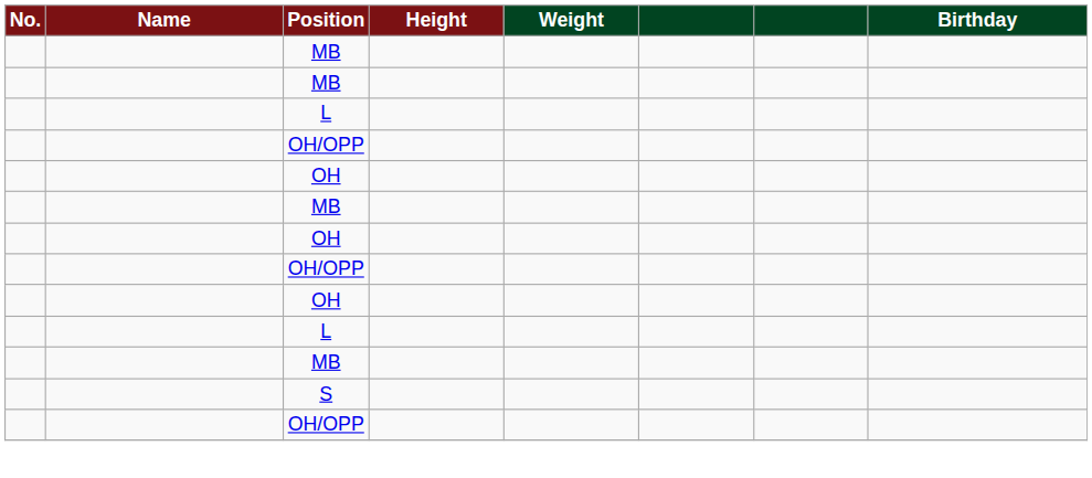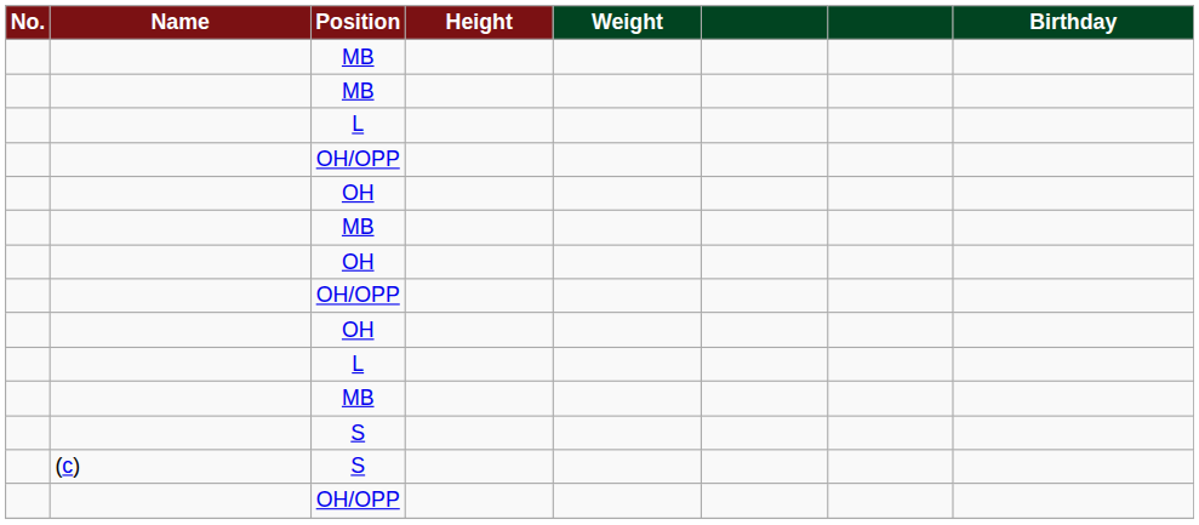 <table class="wikitable sortable" style="font-size:100%; text-align:center; width:100%;">
 <tr>
 <th style="background:#7b1113; color:white; text-align: center">No.</th>
 <th style="width:16em; background:#7b1113; color:white;">Name</th>
 <th style="background:#7b1113; color:white; text-align: center">Position</th>
 <th style="width:8em; background:#7b1113; color:white;">Height</th>
 <th style="width:8em; background:#014421; color:white;">Weight</th>
 <th style="width:8em; background:#014421; color:white;"></th>
 <th style="width:8em; background:#014421; color:white;"></th>
 <th style="width:14em; background:#014421; color:white;">Birthday</th>
 </tr>
 <tr>
 <td></td>
 <td align=left> </td>
 <td><a href='#'>MB</a></td>
 <td></td>
 <td></td>
 <td></td>
 <td></td>
 <td align=right></td>
 </tr>
 <tr>
 <td></td>
 <td align=left> </td>
 <td><a href='#'>MB</a></td>
 <td></td>
 <td></td>
 <td></td>
 <td></td>
 <td align=right></td>
 </tr>
 <tr>
 <td></td>
 <td align=left> </td>
 <td><a href='#'>L</a></td>
 <td></td>
 <td></td>
 <td></td>
 <td></td>
 <td align=right></td>
 </tr>
 <tr>
 <td></td>
 <td align=left> </td>
 <td><a href='#'>OH/OPP</a></td>
 <td></td>
 <td></td>
 <td></td>
 <td></td>
 <td align=right></td>
 </tr>
 <tr>
 <td></td>
 <td align=left> </td>
 <td><a href='#'>OH</a></td>
 <td></td>
 <td></td>
 <td></td>
 <td></td>
 <td align=right></td>
 </tr>
 <tr>
 <td></td>
 <td align=left> </td>
 <td><a href='#'>MB</a></td>
 <td></td>
 <td></td>
 <td></td>
 <td></td>
 <td align=right></td>
 </tr>
 <tr>
 <td></td>
 <td align=left> </td>
 <td><a href='#'>OH</a></td>
 <td></td>
 <td></td>
 <td></td>
 <td></td>
 <td align=right></td>
 </tr>
 <tr>
 <td></td>
 <td align=left> </td>
 <td><a href='#'>OH/OPP</a></td>
 <td></td>
 <td></td>
 <td></td>
 <td></td>
 <td align=right></td>
 </tr>
 <tr>
 <td></td>
 <td align=left> </td>
 <td><a href='#'>OH</a></td>
 <td></td>
 <td></td>
 <td></td>
 <td></td>
 <td align=right></td>
 </tr>
 <tr>
 <td></td>
 <td align=left> </td>
 <td><a href='#'>L</a></td>
 <td></td>
 <td></td>
 <td></td>
 <td></td>
 <td align=right></td>
 </tr>
 <tr>
 <td></td>
 <td align=left> </td>
 <td><a href='#'>MB</a></td>
 <td></td>
 <td></td>
 <td></td>
 <td></td>
 <td align=right></td>
 </tr>
 <tr>
 <td></td>
 <td align=left> </td>
 <td><a href='#'>S</a></td>
 <td></td>
 <td></td>
 <td></td>
 <td></td>
 <td align=right></td>
 </tr>
 <tr>
 <td></td>
+<td align=left>  (<a href='#'>c</a>)</td>
+<td><a href='#'>S</a></td>
+<td></td>
+<td></td>
+<td></td>
+<td></td>
+<td align=right></td>
+</tr>
+<tr>
+<td></td>
 <td align=left> </td>
 <td><a href='#'>OH/OPP</a></td>
 <td></td>
 <td></td>
 <td></td>
 <td></td>
 <td align=right></td>
 </tr>
 <tr>
 </tr>
 </table>
